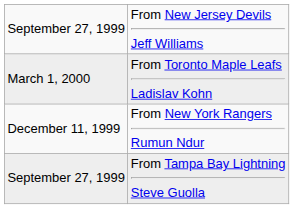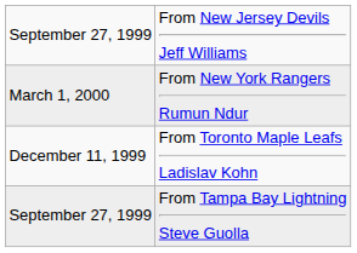 <table class="wikitable">
 <tr>
 <td>September 27, 1999</td>
 <td valign="top">From <a href='#'>New Jersey Devils</a><hr><a href='#'>Jeff Williams</a></td>
 </tr>
 <tr style="background:#eee;">
 <td>March 1, 2000</td>
-<td valign="top">From <a href='#'>Toronto Maple Leafs</a><hr><a href='#'>Ladislav Kohn</a></td>
+<td valign="top">From <a href='#'>New York Rangers</a><hr><a href='#'>Rumun Ndur</a></td>
 </tr>
 <tr>
 <td>December 11, 1999</td>
-<td valign="top">From <a href='#'>New York Rangers</a><hr><a href='#'>Rumun Ndur</a></td>
+<td valign="top">From <a href='#'>Toronto Maple Leafs</a><hr><a href='#'>Ladislav Kohn</a></td>
 </tr>
 <tr style="background:#eee;">
 <td>September 27, 1999</td>
 <td valign="top">From <a href='#'>Tampa Bay Lightning</a><hr><a href='#'>Steve Guolla</a></td>
 </tr>
 </table>
